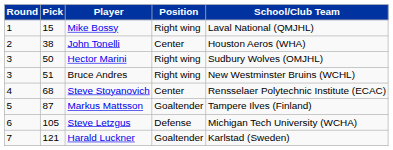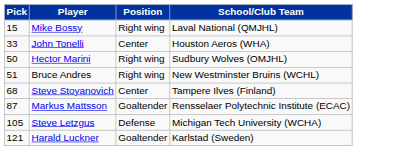 <table class="wikitable sortable sortable">
 <tr>
-<th style="color:white; background:#0033a0; ">Round</th>
 <th style="color:white; background:#0033a0; ">Pick</th>
 <th style="color:white; background:#0033a0; ">Player</th>
 <th style="color:white; background:#0033a0; ">Position</th>
 <th style="color:white; background:#0033a0; ">School/Club Team</th>
 </tr>
 <tr>
-<td>1</td>
 <td>15</td>
 <td><a href='#'>Mike Bossy</a></td>
 <td>Right wing</td>
 <td>Laval National (QMJHL)</td>
 </tr>
 <tr>
-<td>2</td>
-<td>38</td>
+<td>33</td>
 <td><a href='#'>John Tonelli</a></td>
 <td>Center</td>
 <td>Houston Aeros (WHA)</td>
 </tr>
 <tr>
-<td>3</td>
 <td>50</td>
 <td><a href='#'>Hector Marini</a></td>
 <td>Right wing</td>
 <td>Sudbury Wolves (OMJHL)</td>
 </tr>
 <tr>
-<td>3</td>
 <td>51</td>
 <td>Bruce Andres</td>
 <td>Right wing</td>
 <td>New Westminster Bruins (WCHL)</td>
 </tr>
 <tr>
-<td>4</td>
 <td>68</td>
 <td><a href='#'>Steve Stoyanovich</a></td>
 <td>Center</td>
+<td>Tampere Ilves (Finland)</td>
+</tr>
+<tr>
+<td>87</td>
+<td><a href='#'>Markus Mattsson</a></td>
+<td>Goaltender</td>
 <td>Rensselaer Polytechnic Institute (ECAC)</td>
 </tr>
 <tr>
-<td>5</td>
-<td>87</td>
-<td><a href='#'>Markus Mattsson</a></td>
-<td>Goaltender</td>
-<td>Tampere Ilves (Finland)</td>
-</tr>
-<tr>
-<td>6</td>
 <td>105</td>
 <td><a href='#'>Steve Letzgus</a></td>
 <td>Defense</td>
 <td>Michigan Tech University (WCHA)</td>
 </tr>
 <tr>
-<td>7</td>
 <td>121</td>
 <td><a href='#'>Harald Luckner</a></td>
 <td>Goaltender</td>
 <td>Karlstad (Sweden)</td>
 </tr>
 </table>
